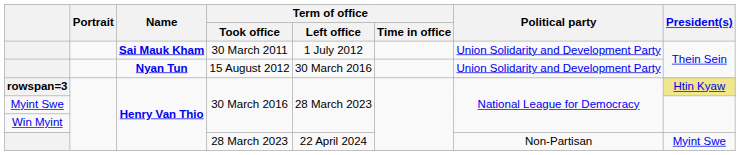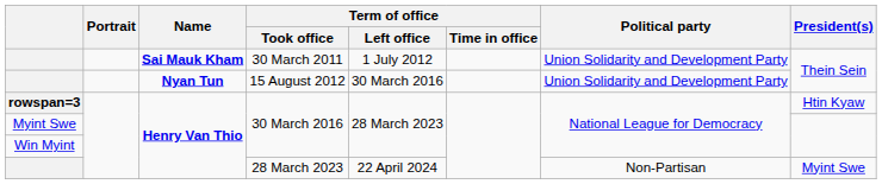 <table class="wikitable" style="text-align:center">
 <tr>
 <th rowspan=2></th>
 <th rowspan=2>Portrait</th>
 <th rowspan=2>Name<br></th>
 <th colspan=3>Term of office</th>
 <th rowspan=2>Political party</th>
 <th rowspan=2><a href='#'>President(s)</a></th>
 </tr>
 <tr>
 <th>Took office</th>
 <th>Left office</th>
 <th>Time in office</th>
 </tr>
 <tr>
 <th></th>
 <td></td>
 <td><strong><a href='#'>Sai Mauk Kham</a></strong><br></td>
 <td>30 March 2011</td>
 <td>1 July 2012</td>
 <td></td>
 <td><a href='#'>Union Solidarity and Development Party</a></td>
 <td rowspan=2><a href='#'>Thein Sein</a></td>
 </tr>
 <tr>
 <th></th>
 <td></td>
 <td><strong><a href='#'>Nyan Tun</a></strong><br></td>
 <td>15 August 2012</td>
 <td>30 March 2016</td>
 <td></td>
 <td><a href='#'>Union Solidarity and Development Party</a></td>
 </tr>
 <tr>
 <th>rowspan=3 </th>
 <td rowspan=4></td>
 <td rowspan=4><strong><a href='#'>Henry Van Thio</a></strong><br></td>
 <td rowspan=3>30 March 2016</td>
 <td rowspan=3>28 March 2023 </td>
 <td rowspan=4></td>
 <td rowspan=3><a href='#'>National League for Democracy</a></td>
-<td style="background: khaki;"><a href='#'>Htin Kyaw</a></td>
+<td><a href='#'>Htin Kyaw</a></td>
 </tr>
 <tr>
 <td><a href='#'>Myint Swe</a></td>
 </tr>
 <tr>
 <td><a href='#'>Win Myint</a></td>
 </tr>
 <tr>
 <th></th>
 <td>28 March 2023</td>
 <td>22 April 2024<br></td>
 <td>Non-Partisan</td>
 <td><a href='#'>Myint Swe</a></td>
 </tr>
 </table>
